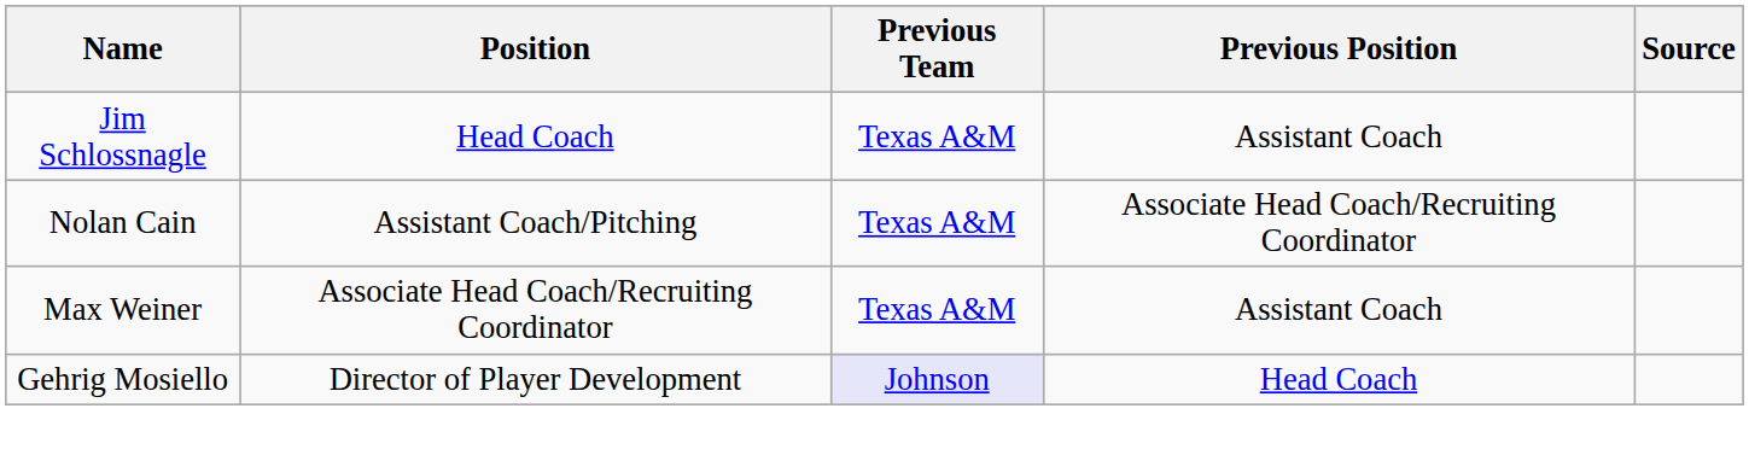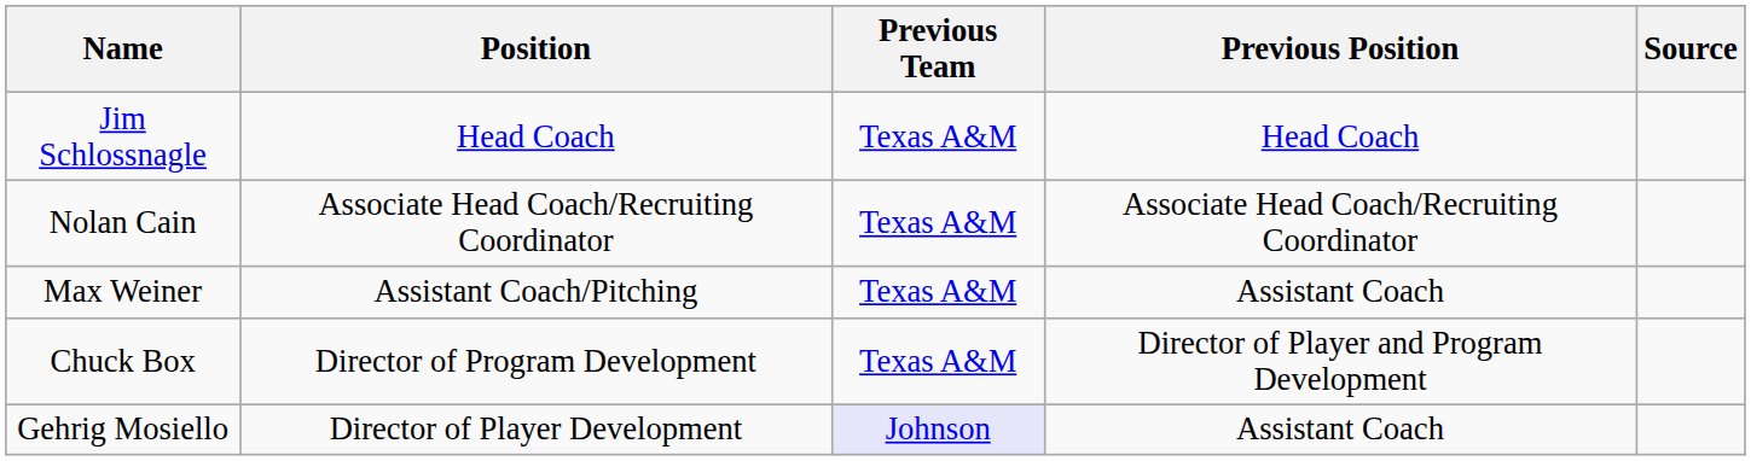 <table class="wikitable">
 <tr>
 <th style="text-align:center; ">Name</th>
 <th style="text-align:center; ">Position</th>
 <th style="text-align:center; ">Previous Team</th>
 <th style="text-align:center; ">Previous Position</th>
 <th style="text-align:center; ">Source</th>
 </tr>
 <tr align="center">
 <td><a href='#'>Jim Schlossnagle</a></td>
 <td><a href='#'>Head Coach</a></td>
 <td><a href='#'>Texas A&M</a></td>
-<td>Assistant Coach</td>
+<td><a href='#'>Head Coach</a></td>
 <td></td>
 </tr>
 <tr align="center">
 <td>Nolan Cain</td>
-<td>Assistant Coach/Pitching</td>
+<td>Associate Head Coach/Recruiting Coordinator</td>
 <td><a href='#'>Texas A&M</a></td>
 <td>Associate Head Coach/Recruiting Coordinator</td>
 <td></td>
 </tr>
 <tr align="center">
 <td>Max Weiner</td>
-<td>Associate Head Coach/Recruiting Coordinator</td>
+<td>Assistant Coach/Pitching</td>
 <td><a href='#'>Texas A&M</a></td>
 <td>Assistant Coach</td>
+<td></td>
+</tr>
+<tr align="center">
+<td>Chuck Box</td>
+<td>Director of Program Development</td>
+<td><a href='#'>Texas A&M</a></td>
+<td>Director of Player and Program Development</td>
 <td></td>
 </tr>
 <tr align="center">
 <td>Gehrig Mosiello</td>
 <td>Director of Player Development</td>
 <td style="background: lavender;"><a href='#'>Johnson</a></td>
-<td><a href='#'>Head Coach</a></td>
+<td>Assistant Coach</td>
 <td></td>
 </tr>
 </table>
